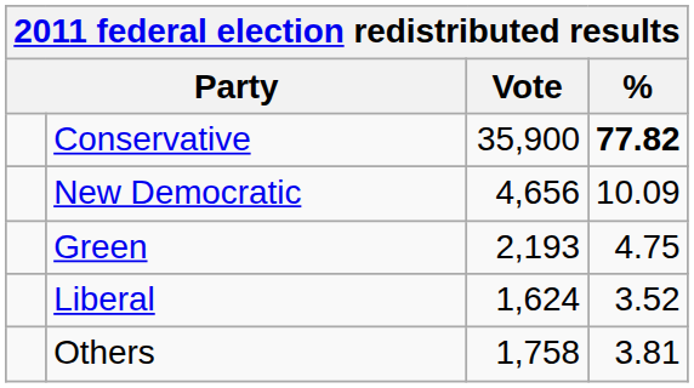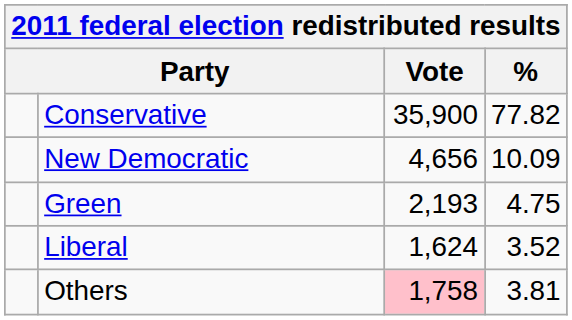 <table class="wikitable">
 <tr>
 <th colspan="4"><a href='#'>2011 federal election</a> redistributed results</th>
 </tr>
 <tr>
 <th bgcolor="#DDDDFF" width="130px" colspan="2">Party</th>
 <th bgcolor="#DDDDFF" width="50px">Vote</th>
 <th bgcolor="#DDDDFF" width="30px">%</th>
 </tr>
 <tr>
 <td> </td>
 <td><a href='#'>Conservative</a></td>
 <td align=right>35,900</td>
-<td align=right><strong>77.82</strong></td>
+<td align=right>77.82</td>
 </tr>
 <tr>
 <td> </td>
 <td><a href='#'>New Democratic</a></td>
 <td align=right>4,656</td>
 <td align=right>10.09</td>
 </tr>
 <tr>
 <td> </td>
 <td><a href='#'>Green</a></td>
 <td align=right>2,193</td>
 <td align=right>4.75</td>
 </tr>
 <tr>
 <td> </td>
 <td><a href='#'>Liberal</a></td>
 <td align=right>1,624</td>
 <td align=right>3.52</td>
 </tr>
 <tr>
 <td> </td>
 <td>Others</td>
-<td align=right>1,758</td>
+<td align=right style="background: pink;">1,758</td>
 <td align=right>3.81</td>
 </tr>
 </table>
